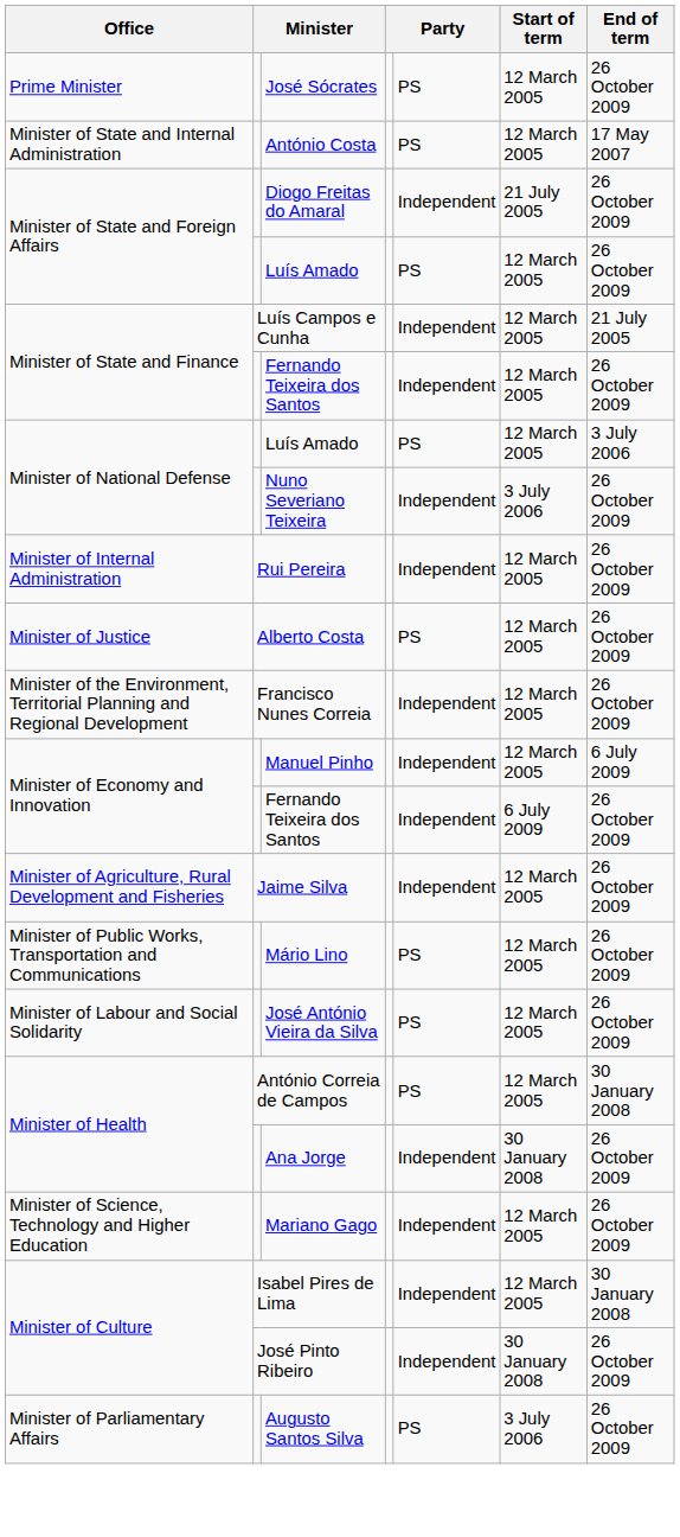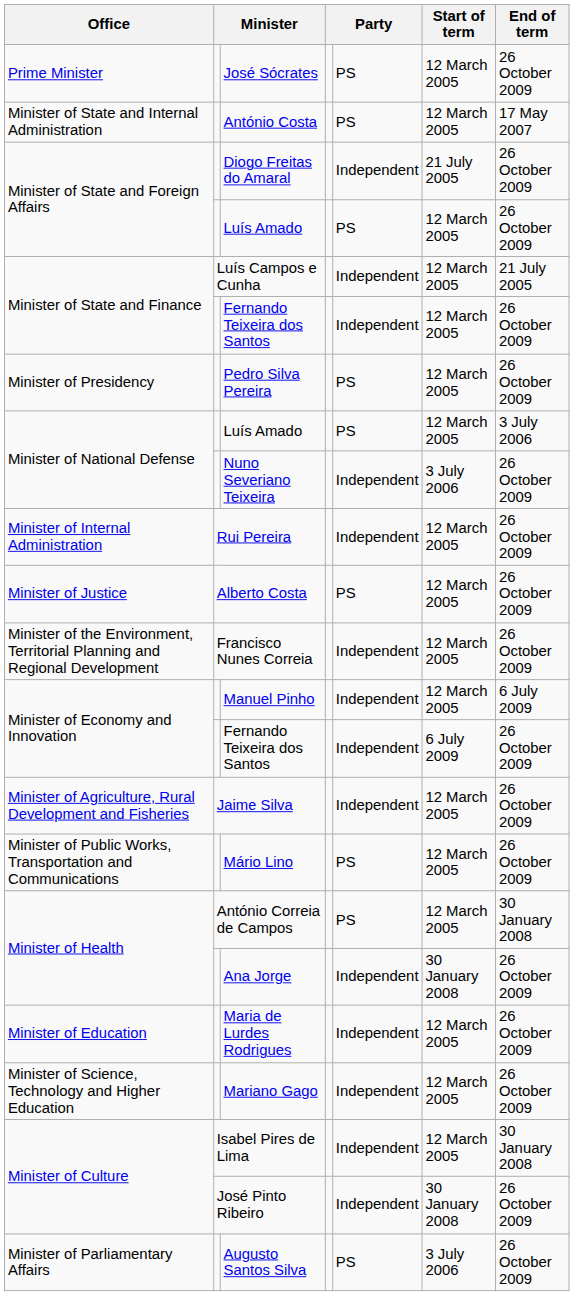 <table class="wikitable">
 <tr>
 <th>Office</th>
 <th colspan="2">Minister</th>
 <th colspan="2">Party</th>
 <th>Start of term</th>
 <th>End of term</th>
 </tr>
 <tr>
 <td><a href='#'>Prime Minister</a></td>
 <td></td>
 <td><a href='#'>José Sócrates</a></td>
 <td style="background:"></td>
 <td>PS</td>
 <td>12 March 2005</td>
 <td>26 October 2009</td>
 </tr>
 <tr>
 <td>Minister of State and Internal Administration</td>
 <td></td>
 <td><a href='#'>António Costa</a></td>
 <td style="background:"></td>
 <td>PS</td>
 <td>12 March 2005</td>
 <td>17 May 2007</td>
 </tr>
 <tr>
 <td rowspan="2">Minister of State and Foreign Affairs</td>
 <td></td>
 <td><a href='#'>Diogo Freitas do Amaral</a></td>
 <td style="background:"></td>
 <td>Independent</td>
 <td>21 July 2005</td>
 <td>26 October 2009</td>
 </tr>
 <tr>
 <td></td>
 <td><a href='#'>Luís Amado</a></td>
 <td style="background:"></td>
 <td>PS</td>
 <td>12 March 2005</td>
 <td>26 October 2009</td>
 </tr>
 <tr>
 <td rowspan="2">Minister of State and Finance</td>
 <td colspan="2">Luís Campos e Cunha</td>
 <td style="background:"></td>
 <td>Independent</td>
 <td>12 March 2005</td>
 <td>21 July 2005</td>
 </tr>
 <tr>
 <td></td>
 <td><a href='#'>Fernando Teixeira dos Santos</a></td>
 <td style="background:"></td>
 <td>Independent</td>
+<td>12 March 2005</td>
+<td>26 October 2009</td>
+</tr>
+<tr>
+<td>Minister of Presidency</td>
+<td></td>
+<td><a href='#'>Pedro Silva Pereira</a></td>
+<td style="background:"></td>
+<td>PS</td>
 <td>12 March 2005</td>
 <td>26 October 2009</td>
 </tr>
 <tr>
 <td rowspan="2">Minister of National Defense</td>
 <td></td>
 <td>Luís Amado</td>
 <td style="background:"></td>
 <td>PS</td>
 <td>12 March 2005</td>
 <td>3 July 2006</td>
 </tr>
 <tr>
 <td></td>
 <td><a href='#'>Nuno Severiano Teixeira</a></td>
 <td style="background:"></td>
 <td>Independent</td>
 <td>3 July 2006</td>
 <td>26 October 2009</td>
 </tr>
 <tr>
 <td><a href='#'>Minister of Internal Administration</a></td>
 <td colspan="2"><a href='#'>Rui Pereira</a></td>
 <td style="background:"></td>
 <td>Independent</td>
 <td>12 March 2005</td>
 <td>26 October 2009</td>
 </tr>
 <tr>
 <td><a href='#'>Minister of Justice</a></td>
 <td colspan="2"><a href='#'>Alberto Costa</a></td>
 <td style="background:"></td>
 <td>PS</td>
 <td>12 March 2005</td>
 <td>26 October 2009</td>
 </tr>
 <tr>
 <td>Minister of the Environment, Territorial Planning and Regional Development</td>
 <td colspan="2">Francisco Nunes Correia</td>
 <td style="background:"></td>
 <td>Independent</td>
 <td>12 March 2005</td>
 <td>26 October 2009</td>
 </tr>
 <tr>
 <td rowspan="2">Minister of Economy and Innovation</td>
 <td></td>
 <td><a href='#'>Manuel Pinho</a></td>
 <td style="background:"></td>
 <td>Independent</td>
 <td>12 March 2005</td>
 <td>6 July 2009</td>
 </tr>
 <tr>
 <td></td>
 <td>Fernando Teixeira dos Santos</td>
 <td style="background:"></td>
 <td>Independent</td>
 <td>6 July 2009</td>
 <td>26 October 2009</td>
 </tr>
 <tr>
 <td><a href='#'>Minister of Agriculture, Rural Development and Fisheries</a></td>
 <td colspan="2"><a href='#'>Jaime Silva</a></td>
 <td style="background:"></td>
 <td>Independent</td>
 <td>12 March 2005</td>
 <td>26 October 2009</td>
 </tr>
 <tr>
 <td>Minister of Public Works, Transportation and Communications</td>
 <td></td>
 <td><a href='#'>Mário Lino</a></td>
 <td style="background:"></td>
 <td>PS</td>
 <td>12 March 2005</td>
 <td>26 October 2009</td>
 </tr>
 <tr>
-<td>Minister of Labour and Social Solidarity</td>
-<td></td>
-<td><a href='#'>José António Vieira da Silva</a></td>
-<td style="background:"></td>
-<td>PS</td>
-<td>12 March 2005</td>
-<td>26 October 2009</td>
-</tr>
-<tr>
 <td rowspan="2"><a href='#'>Minister of Health</a></td>
 <td colspan="2">António Correia de Campos</td>
 <td style="background:"></td>
 <td>PS</td>
 <td>12 March 2005</td>
 <td>30 January 2008</td>
 </tr>
 <tr>
 <td></td>
 <td><a href='#'>Ana Jorge</a></td>
 <td style="background:"></td>
 <td>Independent</td>
 <td>30 January 2008</td>
+<td>26 October 2009</td>
+</tr>
+<tr>
+<td><a href='#'>Minister of Education</a></td>
+<td></td>
+<td><a href='#'>Maria de Lurdes Rodrigues</a></td>
+<td style="background:"></td>
+<td>Independent</td>
+<td>12 March 2005</td>
 <td>26 October 2009</td>
 </tr>
 <tr>
 <td>Minister of Science, Technology and Higher Education</td>
 <td></td>
 <td><a href='#'>Mariano Gago</a></td>
 <td style="background:"></td>
 <td>Independent</td>
 <td>12 March 2005</td>
 <td>26 October 2009</td>
 </tr>
 <tr>
 <td rowspan="2"><a href='#'>Minister of Culture</a></td>
 <td colspan="2">Isabel Pires de Lima</td>
 <td style="background:"></td>
 <td>Independent</td>
 <td>12 March 2005</td>
 <td>30 January 2008</td>
 </tr>
 <tr>
 <td colspan="2">José Pinto Ribeiro</td>
 <td style="background:"></td>
 <td>Independent</td>
 <td>30 January 2008</td>
 <td>26 October 2009</td>
 </tr>
 <tr>
 <td>Minister of Parliamentary Affairs</td>
 <td></td>
 <td><a href='#'>Augusto Santos Silva</a></td>
 <td style="background:"></td>
 <td>PS</td>
 <td>3 July 2006</td>
 <td>26 October 2009</td>
 </tr>
 </table>
